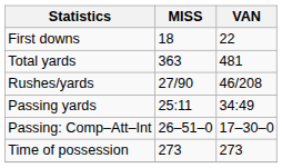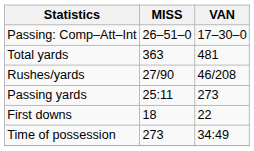 <table class="wikitable" style="float: left;">
 <tr>
 <th>Statistics</th>
 <th>MISS</th>
 <th>VAN</th>
 </tr>
 <tr>
-<td>First downs</td>
-<td>18</td>
-<td>22</td>
+<td>Passing: Comp–Att–Int</td>
+<td>26–51–0</td>
+<td>17–30–0</td>
 </tr>
 <tr>
 <td>Total yards</td>
 <td>363</td>
 <td>481</td>
 </tr>
 <tr>
 <td>Rushes/yards</td>
 <td>27/90</td>
 <td>46/208</td>
 </tr>
 <tr>
 <td>Passing yards</td>
 <td>25:11</td>
-<td>34:49</td>
+<td>273</td>
 </tr>
 <tr>
-<td>Passing: Comp–Att–Int</td>
-<td>26–51–0</td>
-<td>17–30–0</td>
+<td>First downs</td>
+<td>18</td>
+<td>22</td>
 </tr>
 <tr>
 <td>Time of possession</td>
 <td>273</td>
-<td>273</td>
+<td>34:49</td>
 </tr>
 <tr>
 </tr>
 </table>
